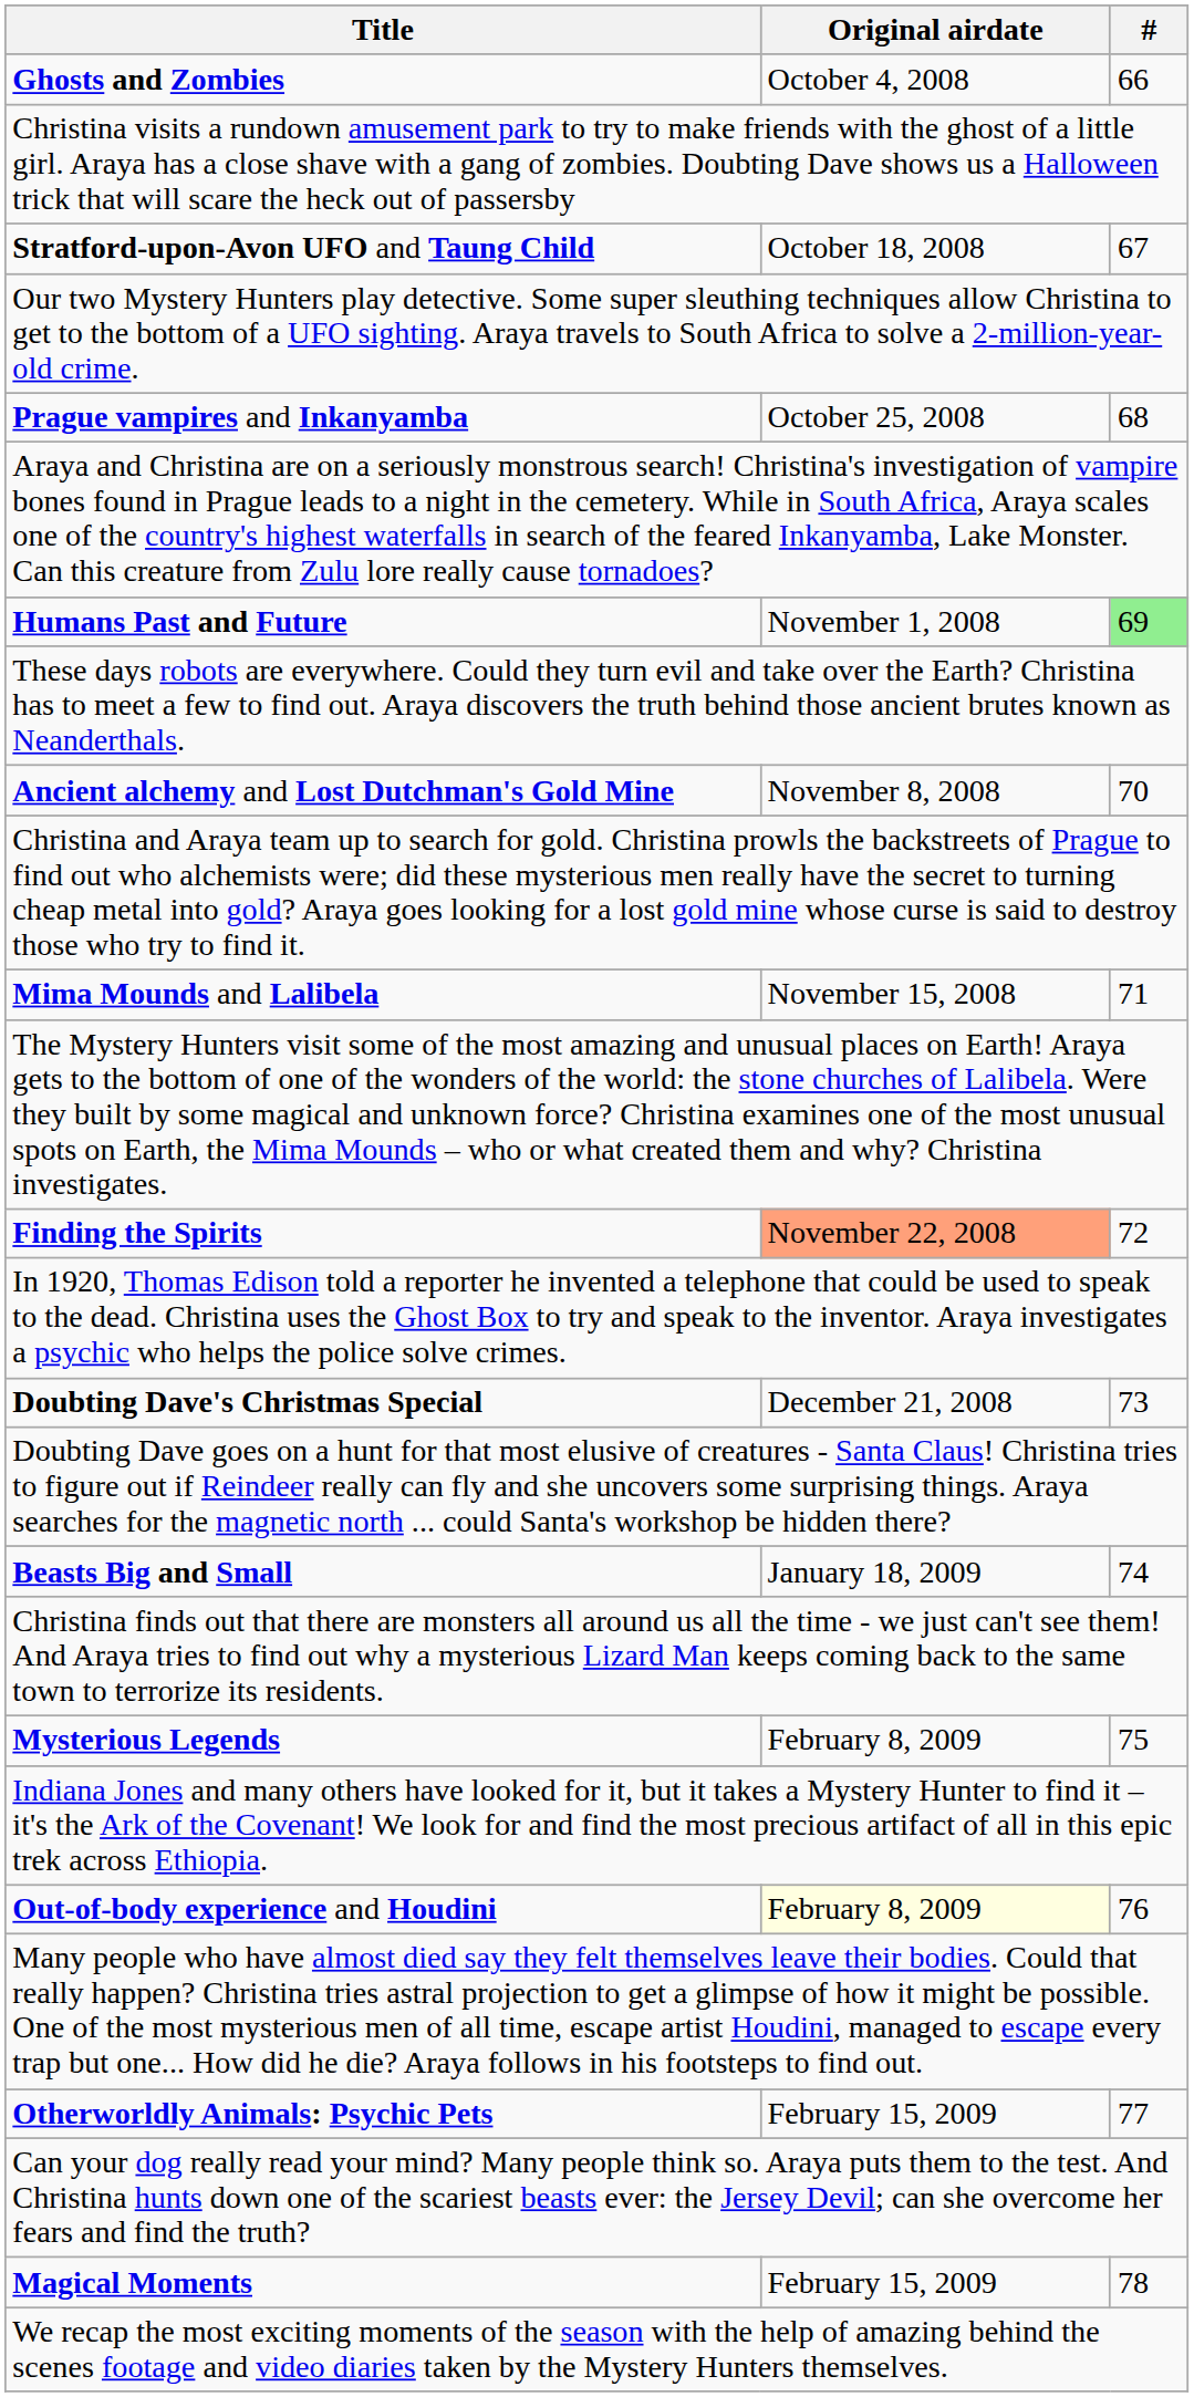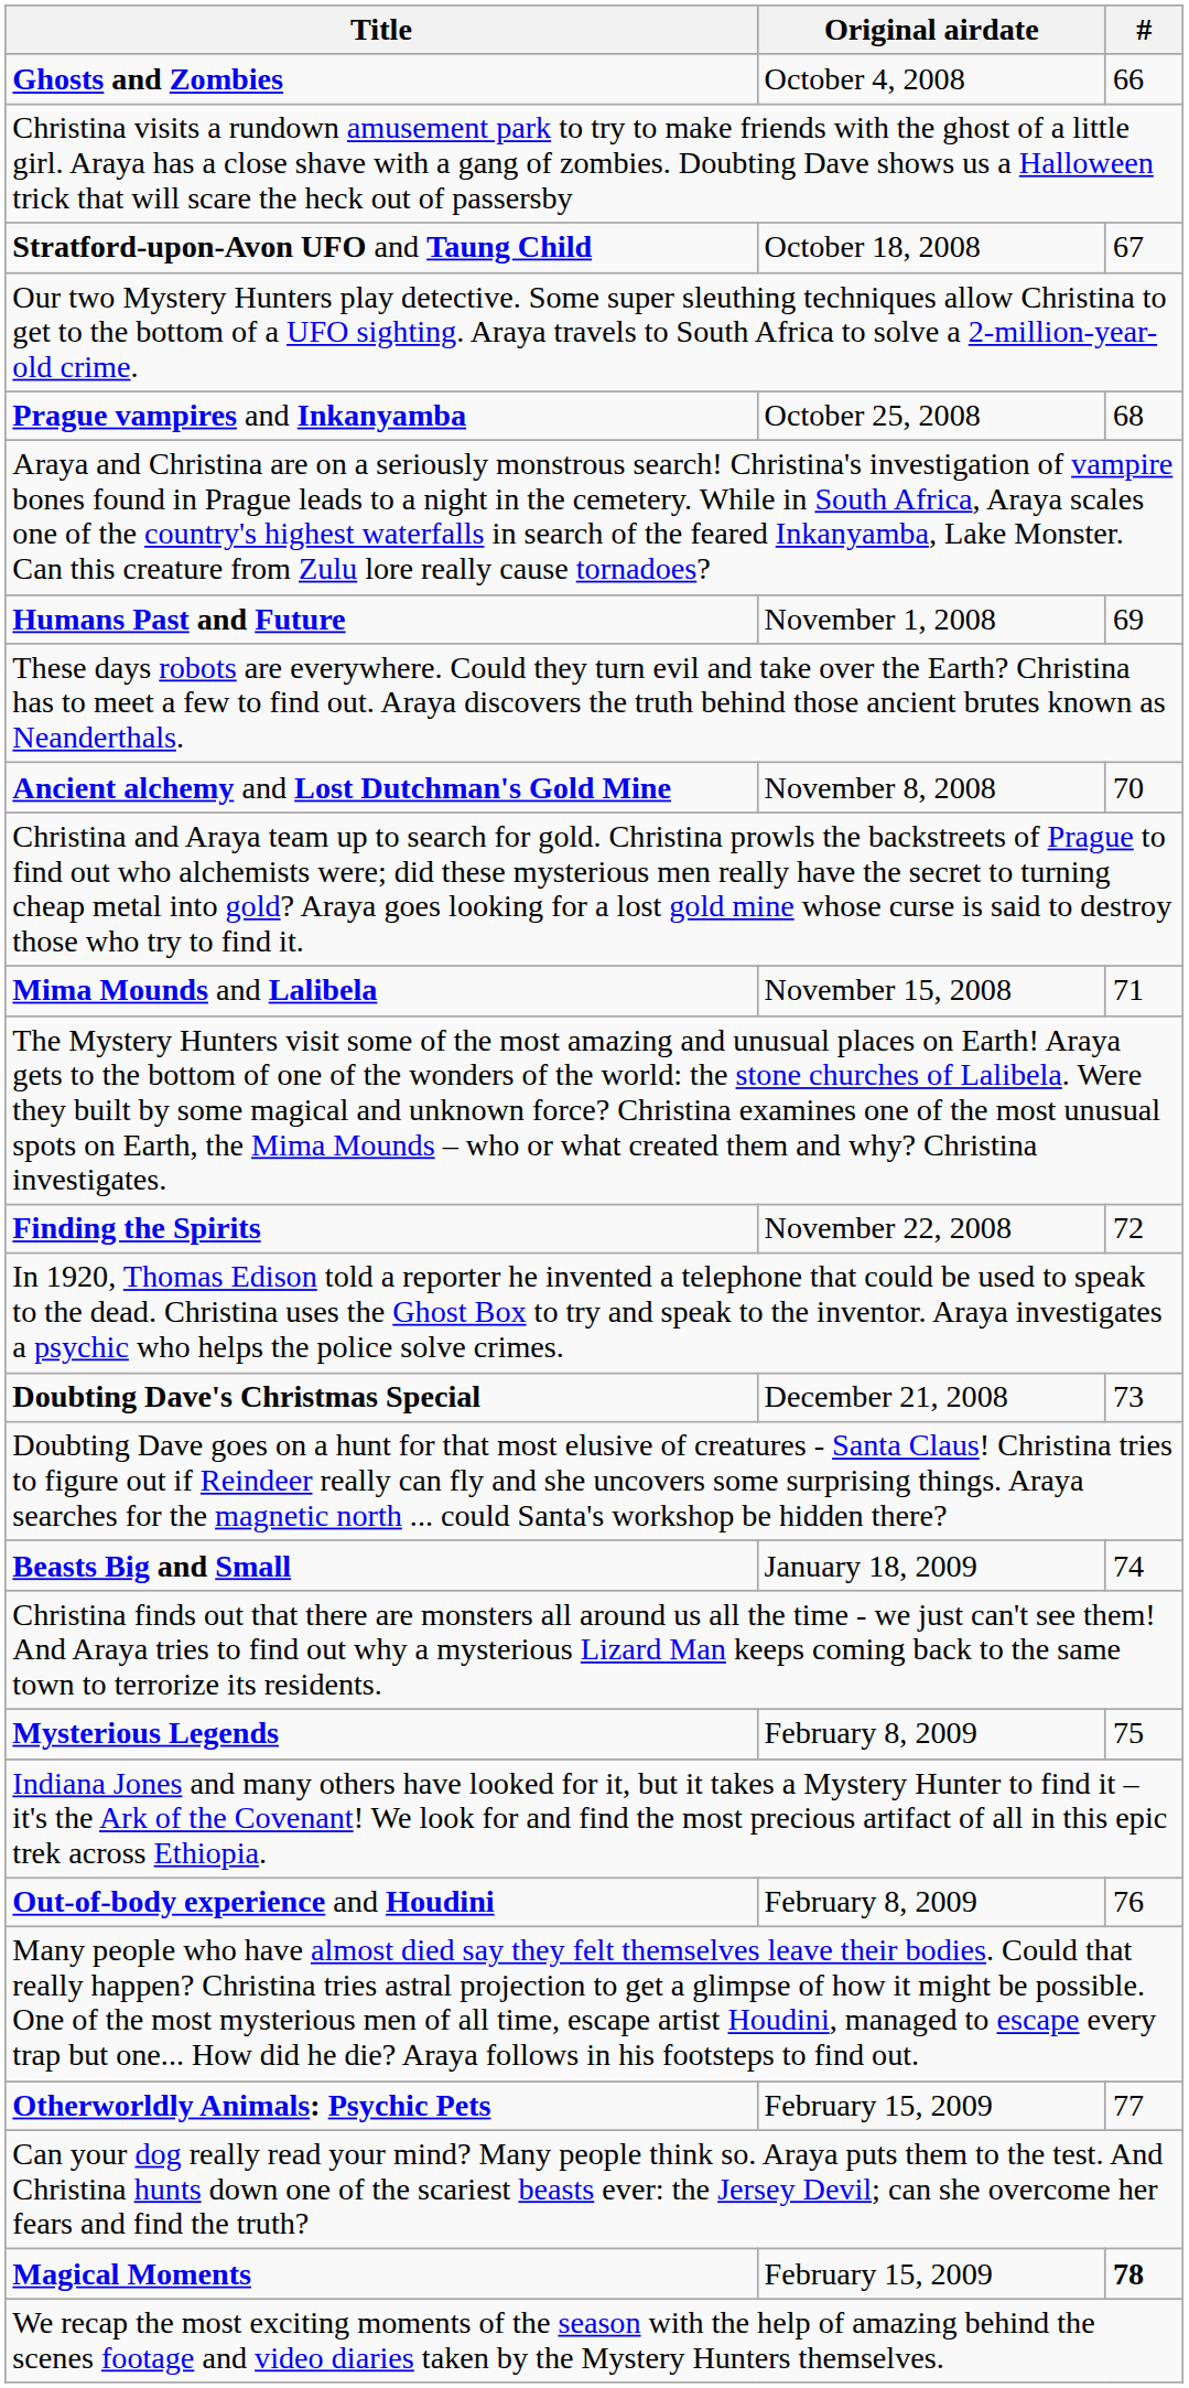 <table class="wikitable" style="clear:both">
 <tr style="background:#ccc;">
 <th>Title</th>
 <th>Original airdate</th>
 <th>#</th>
 </tr>
 <tr>
 <td><strong><a href='#'>Ghosts</a> and <a href='#'>Zombies</a></strong></td>
 <td>October 4, 2008</td>
 <td>66</td>
 </tr>
 <tr>
 <td colspan="3">Christina visits a rundown <a href='#'>amusement park</a> to try to make friends with the ghost of a little girl. Araya has a close shave with a gang of zombies. Doubting Dave shows us a <a href='#'>Halloween</a> trick that will scare the heck out of passersby</td>
 </tr>
 <tr>
 <td><strong>Stratford-upon-Avon UFO</strong> and <strong><a href='#'>Taung Child</a></strong></td>
 <td>October 18, 2008</td>
 <td>67</td>
 </tr>
 <tr>
 <td colspan="3">Our two Mystery Hunters play detective. Some super sleuthing techniques allow Christina to get to the bottom of a <a href='#'>UFO sighting</a>. Araya travels to South Africa to solve a <a href='#'>2-million-year-old crime</a>.</td>
 </tr>
 <tr>
 <td><strong><a href='#'>Prague vampires</a></strong> and <strong><a href='#'>Inkanyamba</a></strong></td>
 <td>October 25, 2008</td>
 <td>68</td>
 </tr>
 <tr>
 <td colspan="3">Araya and Christina are on a seriously monstrous search! Christina's investigation of <a href='#'>vampire</a> bones found in Prague leads to a night in the cemetery. While in <a href='#'>South Africa</a>, Araya scales one of the <a href='#'>country's highest waterfalls</a> in search of the feared <a href='#'>Inkanyamba</a>, Lake Monster. Can this creature from <a href='#'>Zulu</a> lore really cause <a href='#'>tornadoes</a>?</td>
 </tr>
 <tr>
 <td><strong><a href='#'>Humans Past</a> and <a href='#'>Future</a></strong></td>
 <td>November 1, 2008</td>
-<td style="background: lightgreen;">69</td>
+<td>69</td>
 </tr>
 <tr>
 <td colspan="3">These days <a href='#'>robots</a> are everywhere. Could they turn evil and take over the Earth? Christina has to meet a few to find out. Araya discovers the truth behind those ancient brutes known as <a href='#'>Neanderthals</a>.</td>
 </tr>
 <tr>
 <td><strong><a href='#'>Ancient alchemy</a></strong> and <strong><a href='#'>Lost Dutchman's Gold Mine</a></strong></td>
 <td>November 8, 2008</td>
 <td>70</td>
 </tr>
 <tr>
 <td colspan="3">Christina and Araya team up to search for gold. Christina prowls the backstreets of <a href='#'>Prague</a> to find out who alchemists were; did these mysterious men really have the secret to turning cheap metal into <a href='#'>gold</a>? Araya goes looking for a lost <a href='#'>gold mine</a> whose curse is said to destroy those who try to find it.</td>
 </tr>
 <tr>
 <td><strong><a href='#'>Mima Mounds</a></strong> and <strong><a href='#'>Lalibela</a></strong></td>
 <td>November 15, 2008</td>
 <td>71</td>
 </tr>
 <tr>
 <td colspan="3">The Mystery Hunters visit some of the most amazing and unusual places on Earth! Araya gets to the bottom of one of the wonders of the world: the <a href='#'>stone churches of Lalibela</a>. Were they built by some magical and unknown force? Christina examines one of the most unusual spots on Earth, the <a href='#'>Mima Mounds</a> – who or what created them and why? Christina investigates.</td>
 </tr>
 <tr>
 <td><strong><a href='#'>Finding the Spirits</a></strong></td>
-<td style="background: lightsalmon;">November 22, 2008</td>
+<td>November 22, 2008</td>
 <td>72</td>
 </tr>
 <tr>
 <td colspan="3">In 1920, <a href='#'>Thomas Edison</a> told a reporter he invented a telephone that could be used to speak to the dead. Christina uses the <a href='#'>Ghost Box</a> to try and speak to the inventor. Araya investigates a <a href='#'>psychic</a> who helps the police solve crimes.</td>
 </tr>
 <tr>
 <td><strong>Doubting Dave's Christmas Special</strong></td>
 <td>December 21, 2008</td>
 <td>73</td>
 </tr>
 <tr>
 <td colspan="3">Doubting Dave goes on a hunt for that most elusive of creatures - <a href='#'>Santa Claus</a>! Christina tries to figure out if <a href='#'>Reindeer</a> really can fly and she uncovers some surprising things. Araya searches for the <a href='#'>magnetic north</a> ... could Santa's workshop be hidden there?</td>
 </tr>
 <tr>
 <td><strong><a href='#'>Beasts Big</a> and <a href='#'>Small</a></strong></td>
 <td>January 18, 2009</td>
 <td>74</td>
 </tr>
 <tr>
 <td colspan="3">Christina finds out that there are monsters all around us all the time - we just can't see them! And Araya tries to find out why a mysterious <a href='#'>Lizard Man</a> keeps coming back to the same town to terrorize its residents.</td>
 </tr>
 <tr>
 <td><strong><a href='#'>Mysterious Legends</a></strong></td>
 <td>February 8, 2009</td>
 <td>75</td>
 </tr>
 <tr>
 <td colspan="3"><a href='#'>Indiana Jones</a> and many others have looked for it, but it takes a Mystery Hunter to find it – it's the <a href='#'>Ark of the Covenant</a>! We look for and find the most precious artifact of all in this epic trek across <a href='#'>Ethiopia</a>.</td>
 </tr>
 <tr>
 <td><strong><a href='#'>Out-of-body experience</a></strong> and <strong><a href='#'>Houdini</a></strong></td>
-<td style="background: lightyellow;">February 8, 2009</td>
+<td>February 8, 2009</td>
 <td>76</td>
 </tr>
 <tr>
 <td colspan="3">Many people who have <a href='#'>almost died say they felt themselves leave their bodies</a>. Could that really happen? Christina tries astral projection to get a glimpse of how it might be possible. One of the most mysterious men of all time, escape artist <a href='#'>Houdini</a>, managed to <a href='#'>escape</a> every trap but one... How did he die? Araya follows in his footsteps to find out.</td>
 </tr>
 <tr>
 <td><strong> <a href='#'>Otherworldly Animals</a>: <a href='#'>Psychic Pets</a> </strong></td>
 <td>February 15, 2009</td>
 <td>77</td>
 </tr>
 <tr>
 <td colspan="3">Can your <a href='#'>dog</a> really read your mind? Many people think so. Araya puts them to the test. And Christina <a href='#'>hunts</a> down one of the scariest <a href='#'>beasts</a> ever: the <a href='#'>Jersey Devil</a>; can she overcome her fears and find the truth?</td>
 </tr>
 <tr>
 <td><strong><a href='#'>Magical Moments</a></strong></td>
 <td>February 15, 2009</td>
-<td>78</td>
+<td><strong>78</strong></td>
 </tr>
 <tr>
 <td colspan="3">We recap the most exciting moments of the <a href='#'>season</a> with the help of amazing behind the scenes <a href='#'>footage</a> and <a href='#'>video diaries</a> taken by the Mystery Hunters themselves.</td>
 </tr>
 </table>
